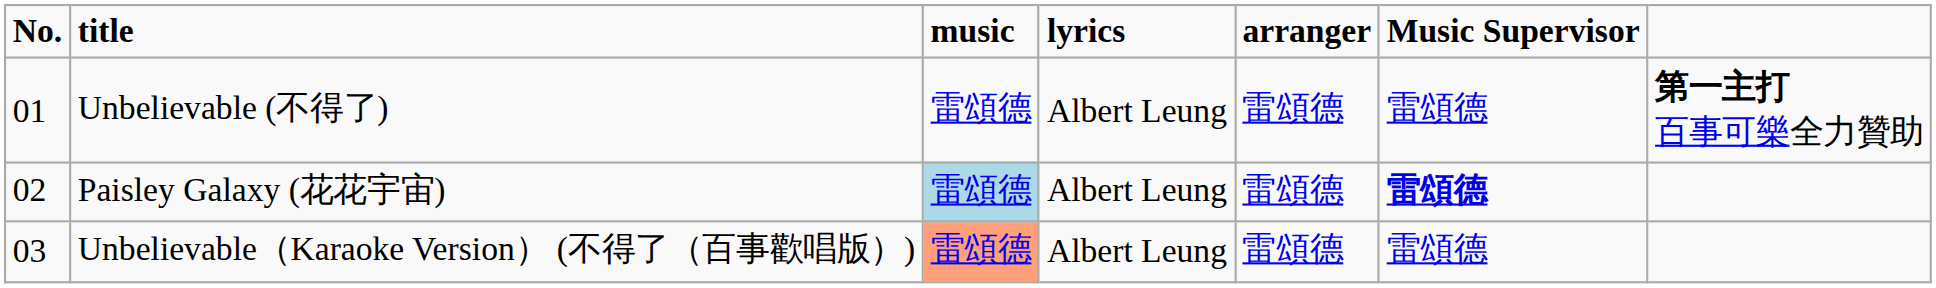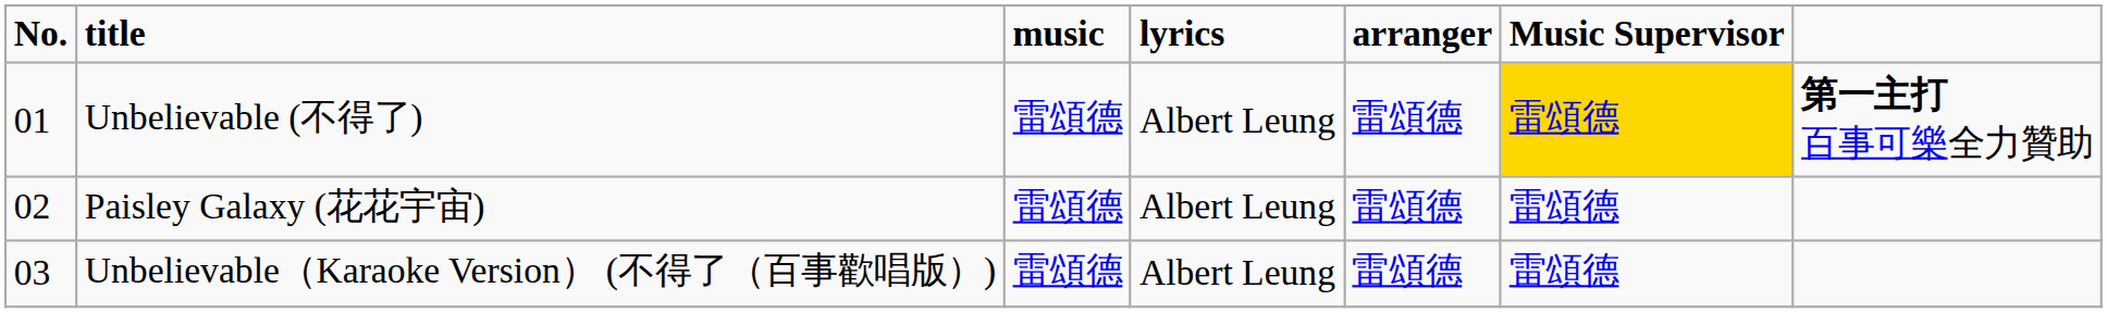 <table class="wikitable">
 <tr>
 <td><span><strong>No. </strong></span></td>
 <td><span><strong>title</strong></span></td>
 <td><span><strong>music</strong></span></td>
 <td><span><strong>lyrics</strong></span></td>
 <td><span><strong>arranger</strong></span></td>
 <td><span><strong>Music Supervisor </strong></span></td>
 </tr>
 <tr>
 <td>01</td>
 <td>Unbelievable (不得了)</td>
 <td><a href='#'>雷頌德</a></td>
 <td>Albert Leung</td>
 <td><a href='#'>雷頌德</a></td>
-<td><a href='#'>雷頌德</a></td>
+<td style="background: gold;"><a href='#'>雷頌德</a></td>
 <td><strong>第一主打</strong><br><a href='#'>百事可樂</a>全力贊助</td>
 </tr>
 <tr>
 <td>02</td>
 <td>Paisley Galaxy (花花宇宙)</td>
-<td style="background: lightblue;"><a href='#'>雷頌德</a></td>
+<td><a href='#'>雷頌德</a></td>
 <td>Albert Leung</td>
 <td><a href='#'>雷頌德</a></td>
-<td><strong><a href='#'>雷頌德</a></strong></td>
+<td><a href='#'>雷頌德</a></td>
 <td></td>
 </tr>
 <tr>
 <td>03</td>
 <td>Unbelievable（Karaoke Version） (不得了（百事歡唱版）)</td>
-<td style="background: lightsalmon;"><a href='#'>雷頌德</a></td>
+<td><a href='#'>雷頌德</a></td>
 <td>Albert Leung</td>
 <td><a href='#'>雷頌德</a></td>
 <td><a href='#'>雷頌德</a></td>
 <td></td>
 </tr>
 </table>
